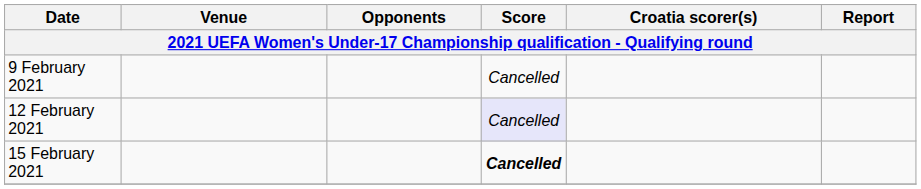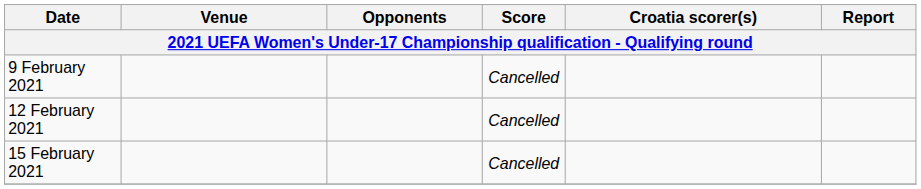 <table class="wikitable" style="font-size:95%;">
 <tr>
 <th width=125>Date</th>
 <th width=260>Venue</th>
 <th width=170>Opponents</th>
 <th width= 75>Score</th>
 <th width=320>Croatia scorer(s)</th>
 <th width=100>Report</th>
 </tr>
 <tr>
 <th colspan=7><a href='#'>2021 UEFA Women's Under-17 Championship qualification - Qualifying round</a></th>
 </tr>
 <tr>
 <td>9 February 2021</td>
 <td></td>
 <td></td>
 <td align=center><em>Cancelled</em></td>
 <td></td>
 <td></td>
 </tr>
 <tr>
 <td>12 February 2021</td>
 <td></td>
 <td></td>
-<td align=center style="background: lavender;"><em>Cancelled</em></td>
+<td align=center><em>Cancelled</em></td>
 <td></td>
 <td></td>
 </tr>
 <tr>
 <td>15 February 2021</td>
 <td></td>
 <td></td>
-<td align=center><strong><em>Cancelled</em></strong></td>
+<td align=center><em>Cancelled</em></td>
 <td></td>
 <td></td>
 </tr>
 <tr>
 </tr>
 </table>
